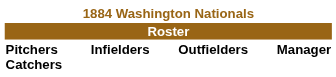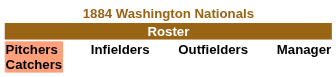 <table class="toccolours" style="font-size: 95%;">
 <tr>
 <th colspan="10" style="background-color: white; color: #996515; text-align: center;">1884 Washington Nationals</th>
 </tr>
 <tr>
 <td colspan="10" style="background-color: #996515; color: white; text-align: center;"><strong>Roster</strong></td>
 </tr>
 <tr>
-<td valign="top"><strong>Pitchers</strong><br>   <strong>Catchers</strong>   </td>
+<td valign="top" style="background: lightsalmon;"><strong>Pitchers</strong><br>   <strong>Catchers</strong>   </td>
 <td width="25px"></td>
 <td valign="top"><strong>Infielders</strong><br>       </td>
 <td width="25px"></td>
 <td valign="top"><strong>Outfielders</strong><br>           </td>
 <td width="25px"></td>
 <td valign="top"><strong>Manager</strong><br></td>
 </tr>
 </table>
